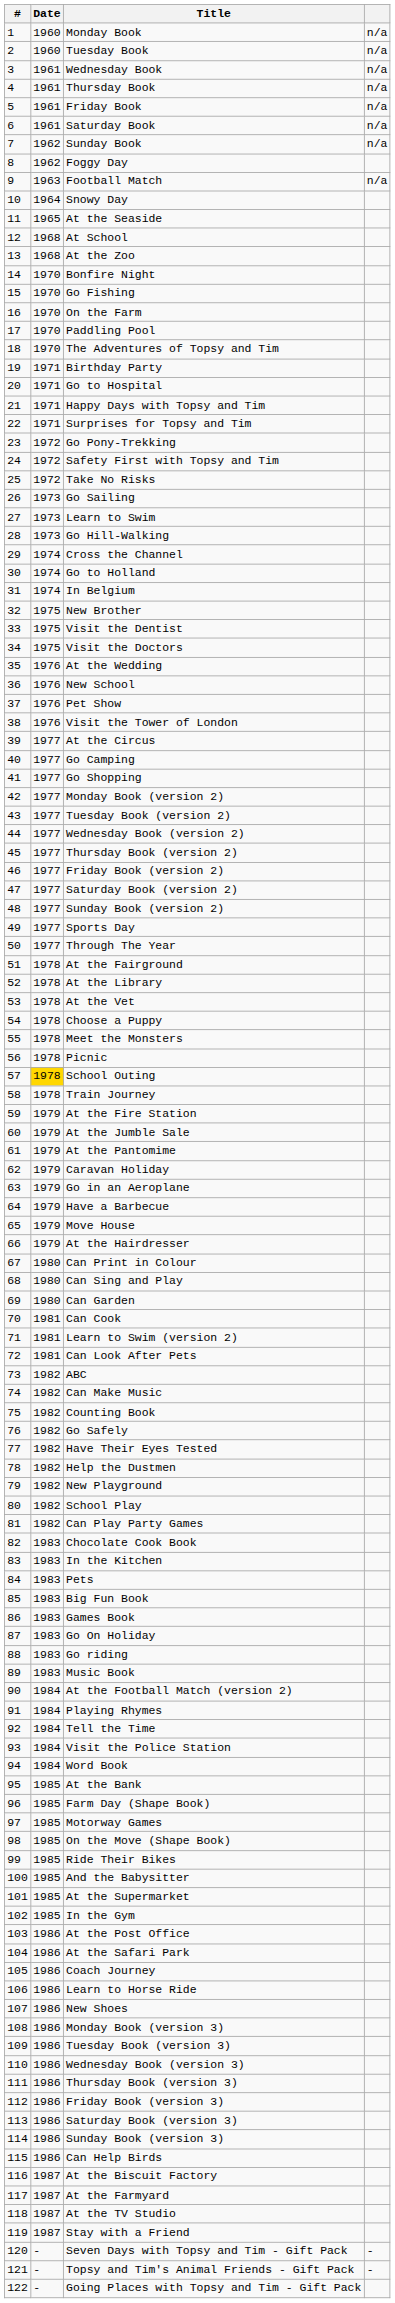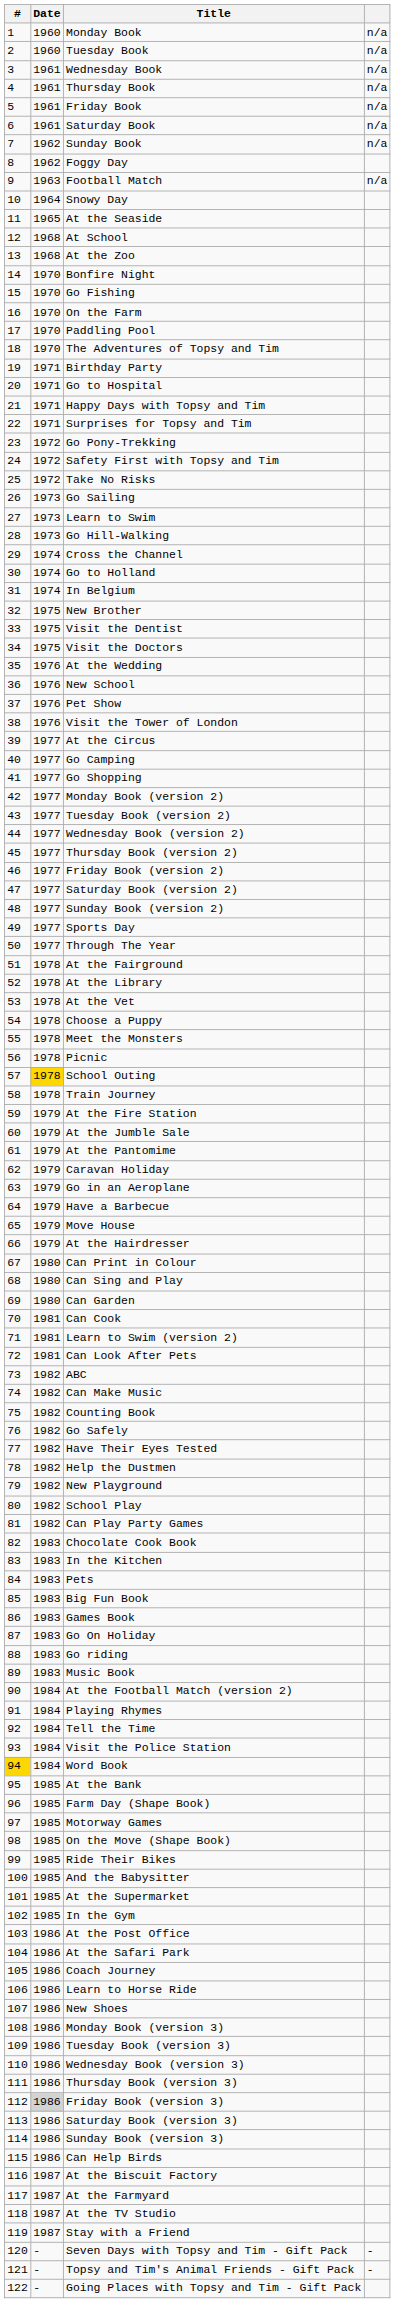 <table class="wikitable collapsible">
 <tr>
 <th>#</th>
 <th>Date</th>
 <th>Title</th>
 <th></th>
 </tr>
 <tr>
 <td>1</td>
 <td>1960</td>
 <td>Monday Book</td>
 <td>n/a</td>
 </tr>
 <tr>
 <td>2</td>
 <td>1960</td>
 <td>Tuesday Book</td>
 <td>n/a</td>
 </tr>
 <tr>
 <td>3</td>
 <td>1961</td>
 <td>Wednesday Book</td>
 <td>n/a</td>
 </tr>
 <tr>
 <td>4</td>
 <td>1961</td>
 <td>Thursday Book</td>
 <td>n/a</td>
 </tr>
 <tr>
 <td>5</td>
 <td>1961</td>
 <td>Friday Book</td>
 <td>n/a</td>
 </tr>
 <tr>
 <td>6</td>
 <td>1961</td>
 <td>Saturday Book</td>
 <td>n/a</td>
 </tr>
 <tr>
 <td>7</td>
 <td>1962</td>
 <td>Sunday Book</td>
 <td>n/a</td>
 </tr>
 <tr>
 <td>8</td>
 <td>1962</td>
 <td>Foggy Day</td>
 <td></td>
 </tr>
 <tr>
 <td>9</td>
 <td>1963</td>
 <td>Football Match</td>
 <td>n/a</td>
 </tr>
 <tr>
 <td>10</td>
 <td>1964</td>
 <td>Snowy Day</td>
 <td></td>
 </tr>
 <tr>
 <td>11</td>
 <td>1965</td>
 <td>At the Seaside</td>
 <td></td>
 </tr>
 <tr>
 <td>12</td>
 <td>1968</td>
 <td>At School</td>
 <td></td>
 </tr>
 <tr>
 <td>13</td>
 <td>1968</td>
 <td>At the Zoo</td>
 <td></td>
 </tr>
 <tr>
 <td>14</td>
 <td>1970</td>
 <td>Bonfire Night</td>
 <td></td>
 </tr>
 <tr>
 <td>15</td>
 <td>1970</td>
 <td>Go Fishing</td>
 <td></td>
 </tr>
 <tr>
 <td>16</td>
 <td>1970</td>
 <td>On the Farm</td>
 <td></td>
 </tr>
 <tr>
 <td>17</td>
 <td>1970</td>
 <td>Paddling Pool</td>
 <td></td>
 </tr>
 <tr>
 <td>18</td>
 <td>1970</td>
 <td>The Adventures of Topsy and Tim</td>
 <td></td>
 </tr>
 <tr>
 <td>19</td>
 <td>1971</td>
 <td>Birthday Party</td>
 <td></td>
 </tr>
 <tr>
 <td>20</td>
 <td>1971</td>
 <td>Go to Hospital</td>
 <td></td>
 </tr>
 <tr>
 <td>21</td>
 <td>1971</td>
 <td>Happy Days with Topsy and Tim</td>
 <td></td>
 </tr>
 <tr>
 <td>22</td>
 <td>1971</td>
 <td>Surprises for Topsy and Tim</td>
 <td></td>
 </tr>
 <tr>
 <td>23</td>
 <td>1972</td>
 <td>Go Pony-Trekking</td>
 <td></td>
 </tr>
 <tr>
 <td>24</td>
 <td>1972</td>
 <td>Safety First with Topsy and Tim</td>
 <td></td>
 </tr>
 <tr>
 <td>25</td>
 <td>1972</td>
 <td>Take No Risks</td>
 <td></td>
 </tr>
 <tr>
 <td>26</td>
 <td>1973</td>
 <td>Go Sailing</td>
 <td></td>
 </tr>
 <tr>
 <td>27</td>
 <td>1973</td>
 <td>Learn to Swim</td>
 <td></td>
 </tr>
 <tr>
 <td>28</td>
 <td>1973</td>
 <td>Go Hill-Walking</td>
 <td></td>
 </tr>
 <tr>
 <td>29</td>
 <td>1974</td>
 <td>Cross the Channel</td>
 <td></td>
 </tr>
 <tr>
 <td>30</td>
 <td>1974</td>
 <td>Go to Holland</td>
 <td></td>
 </tr>
 <tr>
 <td>31</td>
 <td>1974</td>
 <td>In Belgium</td>
 <td></td>
 </tr>
 <tr>
 <td>32</td>
 <td>1975</td>
 <td>New Brother</td>
 <td></td>
 </tr>
 <tr>
 <td>33</td>
 <td>1975</td>
 <td>Visit the Dentist</td>
 <td></td>
 </tr>
 <tr>
 <td>34</td>
 <td>1975</td>
 <td>Visit the Doctors</td>
 <td></td>
 </tr>
 <tr>
 <td>35</td>
 <td>1976</td>
 <td>At the Wedding</td>
 <td></td>
 </tr>
 <tr>
 <td>36</td>
 <td>1976</td>
 <td>New School</td>
 <td></td>
 </tr>
 <tr>
 <td>37</td>
 <td>1976</td>
 <td>Pet Show</td>
 <td></td>
 </tr>
 <tr>
 <td>38</td>
 <td>1976</td>
 <td>Visit the Tower of London</td>
 <td></td>
 </tr>
 <tr>
 <td>39</td>
 <td>1977</td>
 <td>At the Circus</td>
 <td></td>
 </tr>
 <tr>
 <td>40</td>
 <td>1977</td>
 <td>Go Camping</td>
 <td></td>
 </tr>
 <tr>
 <td>41</td>
 <td>1977</td>
 <td>Go Shopping</td>
 <td></td>
 </tr>
 <tr>
 <td>42</td>
 <td>1977</td>
 <td>Monday Book (version 2)</td>
 <td></td>
 </tr>
 <tr>
 <td>43</td>
 <td>1977</td>
 <td>Tuesday Book (version 2)</td>
 <td></td>
 </tr>
 <tr>
 <td>44</td>
 <td>1977</td>
 <td>Wednesday Book (version 2)</td>
 <td></td>
 </tr>
 <tr>
 <td>45</td>
 <td>1977</td>
 <td>Thursday Book (version 2)</td>
 <td></td>
 </tr>
 <tr>
 <td>46</td>
 <td>1977</td>
 <td>Friday Book (version 2)</td>
 <td></td>
 </tr>
 <tr>
 <td>47</td>
 <td>1977</td>
 <td>Saturday Book (version 2)</td>
 <td></td>
 </tr>
 <tr>
 <td>48</td>
 <td>1977</td>
 <td>Sunday Book (version 2)</td>
 <td></td>
 </tr>
 <tr>
 <td>49</td>
 <td>1977</td>
 <td>Sports Day</td>
 <td></td>
 </tr>
 <tr>
 <td>50</td>
 <td>1977</td>
 <td>Through The Year</td>
 <td></td>
 </tr>
 <tr>
 <td>51</td>
 <td>1978</td>
 <td>At the Fairground</td>
 <td></td>
 </tr>
 <tr>
 <td>52</td>
 <td>1978</td>
 <td>At the Library</td>
 <td></td>
 </tr>
 <tr>
 <td>53</td>
 <td>1978</td>
 <td>At the Vet</td>
 <td></td>
 </tr>
 <tr>
 <td>54</td>
 <td>1978</td>
 <td>Choose a Puppy</td>
 <td></td>
 </tr>
 <tr>
 <td>55</td>
 <td>1978</td>
 <td>Meet the Monsters</td>
 <td></td>
 </tr>
 <tr>
 <td>56</td>
 <td>1978</td>
 <td>Picnic</td>
 <td></td>
 </tr>
 <tr>
 <td>57</td>
 <td style="background: gold;">1978</td>
 <td>School Outing</td>
 <td></td>
 </tr>
 <tr>
 <td>58</td>
 <td>1978</td>
 <td>Train Journey</td>
 <td></td>
 </tr>
 <tr>
 <td>59</td>
 <td>1979</td>
 <td>At the Fire Station</td>
 <td></td>
 </tr>
 <tr>
 <td>60</td>
 <td>1979</td>
 <td>At the Jumble Sale</td>
 <td></td>
 </tr>
 <tr>
 <td>61</td>
 <td>1979</td>
 <td>At the Pantomime</td>
 <td></td>
 </tr>
 <tr>
 <td>62</td>
 <td>1979</td>
 <td>Caravan Holiday</td>
 <td></td>
 </tr>
 <tr>
 <td>63</td>
 <td>1979</td>
 <td>Go in an Aeroplane</td>
 <td></td>
 </tr>
 <tr>
 <td>64</td>
 <td>1979</td>
 <td>Have a Barbecue</td>
 <td></td>
 </tr>
 <tr>
 <td>65</td>
 <td>1979</td>
 <td>Move House</td>
 <td></td>
 </tr>
 <tr>
 <td>66</td>
 <td>1979</td>
 <td>At the Hairdresser</td>
 <td></td>
 </tr>
 <tr>
 <td>67</td>
 <td>1980</td>
 <td>Can Print in Colour</td>
 <td></td>
 </tr>
 <tr>
 <td>68</td>
 <td>1980</td>
 <td>Can Sing and Play</td>
 <td></td>
 </tr>
 <tr>
 <td>69</td>
 <td>1980</td>
 <td>Can Garden</td>
 <td></td>
 </tr>
 <tr>
 <td>70</td>
 <td>1981</td>
 <td>Can Cook</td>
 <td></td>
 </tr>
 <tr>
 <td>71</td>
 <td>1981</td>
 <td>Learn to Swim  (version 2)</td>
 <td></td>
 </tr>
 <tr>
 <td>72</td>
 <td>1981</td>
 <td>Can Look After Pets</td>
 <td></td>
 </tr>
 <tr>
 <td>73</td>
 <td>1982</td>
 <td>ABC</td>
 <td></td>
 </tr>
 <tr>
 <td>74</td>
 <td>1982</td>
 <td>Can Make Music</td>
 <td></td>
 </tr>
 <tr>
 <td>75</td>
 <td>1982</td>
 <td>Counting Book</td>
 <td></td>
 </tr>
 <tr>
 <td>76</td>
 <td>1982</td>
 <td>Go Safely</td>
 <td></td>
 </tr>
 <tr>
 <td>77</td>
 <td>1982</td>
 <td>Have Their Eyes Tested</td>
 <td></td>
 </tr>
 <tr>
 <td>78</td>
 <td>1982</td>
 <td>Help the Dustmen</td>
 <td></td>
 </tr>
 <tr>
 <td>79</td>
 <td>1982</td>
 <td>New Playground</td>
 <td></td>
 </tr>
 <tr>
 <td>80</td>
 <td>1982</td>
 <td>School Play</td>
 <td></td>
 </tr>
 <tr>
 <td>81</td>
 <td>1982</td>
 <td>Can Play Party Games</td>
 <td></td>
 </tr>
 <tr>
 <td>82</td>
 <td>1983</td>
 <td>Chocolate Cook Book</td>
 <td></td>
 </tr>
 <tr>
 <td>83</td>
 <td>1983</td>
 <td>In the Kitchen</td>
 <td></td>
 </tr>
 <tr>
 <td>84</td>
 <td>1983</td>
 <td>Pets</td>
 <td></td>
 </tr>
 <tr>
 <td>85</td>
 <td>1983</td>
 <td>Big Fun Book</td>
 <td></td>
 </tr>
 <tr>
 <td>86</td>
 <td>1983</td>
 <td>Games Book</td>
 <td></td>
 </tr>
 <tr>
 <td>87</td>
 <td>1983</td>
 <td>Go On Holiday</td>
 <td></td>
 </tr>
 <tr>
 <td>88</td>
 <td>1983</td>
 <td>Go riding</td>
 <td></td>
 </tr>
 <tr>
 <td>89</td>
 <td>1983</td>
 <td>Music Book</td>
 <td></td>
 </tr>
 <tr>
 <td>90</td>
 <td>1984</td>
 <td>At the Football Match (version 2)</td>
 <td></td>
 </tr>
 <tr>
 <td>91</td>
 <td>1984</td>
 <td>Playing Rhymes</td>
 <td></td>
 </tr>
 <tr>
 <td>92</td>
 <td>1984</td>
 <td>Tell the Time</td>
 <td></td>
 </tr>
 <tr>
 <td>93</td>
 <td>1984</td>
 <td>Visit the Police Station</td>
 <td></td>
 </tr>
 <tr>
-<td>94</td>
+<td style="background: gold;">94</td>
 <td>1984</td>
 <td>Word Book</td>
 <td></td>
 </tr>
 <tr>
 <td>95</td>
 <td>1985</td>
 <td>At the Bank</td>
 <td></td>
 </tr>
 <tr>
 <td>96</td>
 <td>1985</td>
 <td>Farm Day (Shape Book)</td>
 <td></td>
 </tr>
 <tr>
 <td>97</td>
 <td>1985</td>
 <td>Motorway Games</td>
 <td></td>
 </tr>
 <tr>
 <td>98</td>
 <td>1985</td>
 <td>On the Move (Shape Book)</td>
 <td></td>
 </tr>
 <tr>
 <td>99</td>
 <td>1985</td>
 <td>Ride Their Bikes</td>
 <td></td>
 </tr>
 <tr>
 <td>100</td>
 <td>1985</td>
 <td>And the Babysitter</td>
 <td></td>
 </tr>
 <tr>
 <td>101</td>
 <td>1985</td>
 <td>At the Supermarket</td>
 <td></td>
 </tr>
 <tr>
 <td>102</td>
 <td>1985</td>
 <td>In the Gym</td>
 <td></td>
 </tr>
 <tr>
 <td>103</td>
 <td>1986</td>
 <td>At the Post Office</td>
 <td></td>
 </tr>
 <tr>
 <td>104</td>
 <td>1986</td>
 <td>At the Safari Park</td>
 <td></td>
 </tr>
 <tr>
 <td>105</td>
 <td>1986</td>
 <td>Coach Journey</td>
 <td></td>
 </tr>
 <tr>
 <td>106</td>
 <td>1986</td>
 <td>Learn to Horse Ride</td>
 <td></td>
 </tr>
 <tr>
 <td>107</td>
 <td>1986</td>
 <td>New Shoes</td>
 <td></td>
 </tr>
 <tr>
 <td>108</td>
 <td>1986</td>
 <td>Monday Book  (version 3)</td>
 <td></td>
 </tr>
 <tr>
 <td>109</td>
 <td>1986</td>
 <td>Tuesday Book  (version 3)</td>
 <td></td>
 </tr>
 <tr>
 <td>110</td>
 <td>1986</td>
 <td>Wednesday Book  (version 3)</td>
 <td></td>
 </tr>
 <tr>
 <td>111</td>
 <td>1986</td>
 <td>Thursday Book  (version 3)</td>
 <td></td>
 </tr>
 <tr>
 <td>112</td>
-<td>1986</td>
+<td style="background: lightgrey;">1986</td>
 <td>Friday Book  (version 3)</td>
 <td></td>
 </tr>
 <tr>
 <td>113</td>
 <td>1986</td>
 <td>Saturday Book  (version 3)</td>
 <td></td>
 </tr>
 <tr>
 <td>114</td>
 <td>1986</td>
 <td>Sunday Book  (version 3)</td>
 <td></td>
 </tr>
 <tr>
 <td>115</td>
 <td>1986</td>
 <td>Can Help Birds</td>
 <td></td>
 </tr>
 <tr>
 <td>116</td>
 <td>1987</td>
 <td>At the Biscuit Factory</td>
 <td></td>
 </tr>
 <tr>
 <td>117</td>
 <td>1987</td>
 <td>At the Farmyard</td>
 <td></td>
 </tr>
 <tr>
 <td>118</td>
 <td>1987</td>
 <td>At the TV Studio</td>
 <td></td>
 </tr>
 <tr>
 <td>119</td>
 <td>1987</td>
 <td>Stay with a Friend</td>
 <td></td>
 </tr>
 <tr>
 <td>120</td>
 <td>-</td>
 <td>Seven Days with Topsy and Tim - Gift Pack</td>
 <td>-</td>
 </tr>
 <tr>
 <td>121</td>
 <td>-</td>
 <td>Topsy and Tim's Animal Friends - Gift Pack</td>
 <td>-</td>
 </tr>
 <tr>
 <td>122</td>
 <td>-</td>
 <td>Going Places with Topsy and Tim - Gift Pack</td>
 <td></td>
 </tr>
 </table>
